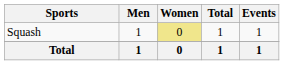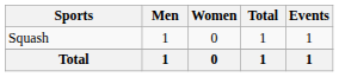 <table class="wikitable sortable" style="text-align:center;">
 <tr>
 <th width=150>Sports</th>
 <th width=45>Men</th>
 <th width=45>Women</th>
 <th width=45>Total</th>
 <th width=45>Events</th>
 </tr>
 <tr>
 <td align=left>Squash</td>
 <td>1</td>
-<td style="background: khaki;">0</td>
+<td>0</td>
 <td>1</td>
 <td>1</td>
 </tr>
 <tr>
 </tr>
 <tr class="sortbottom">
 <th>Total</th>
 <th>1</th>
 <th>0</th>
 <th>1</th>
 <th>1</th>
 </tr>
 </table>
